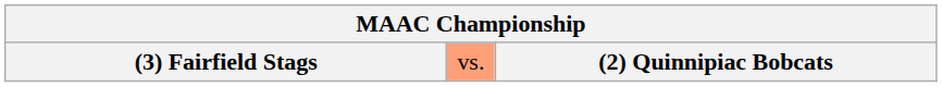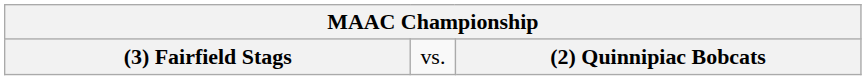 <table class="wikitable">
 <tr>
 <th style="width: 604px;" colspan=3>MAAC Championship</th>
 </tr>
 <tr>
 <th style="width: 289px; ">(3) Fairfield Stags</th>
-<td style="background: lightsalmon; width: 25px; text-align:center">vs.</td>
+<td style="width: 25px; text-align:center">vs.</td>
 <th style="width: 289px; ">(2) Quinnipiac Bobcats</th>
 </tr>
 </table>
